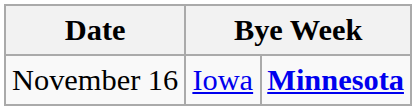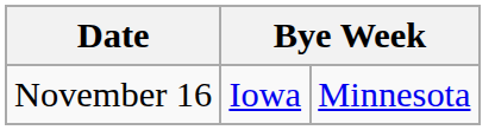 <table class="wikitable" style="font-size:95%;">
 <tr>
 <th>Date</th>
 <th colspan="2">Bye Week</th>
 </tr>
 <tr>
 <td>November 16</td>
 <td><a href='#'>Iowa</a></td>
-<td><strong><a href='#'>Minnesota</a></strong></td>
+<td><a href='#'>Minnesota</a></td>
 </tr>
 </table>
